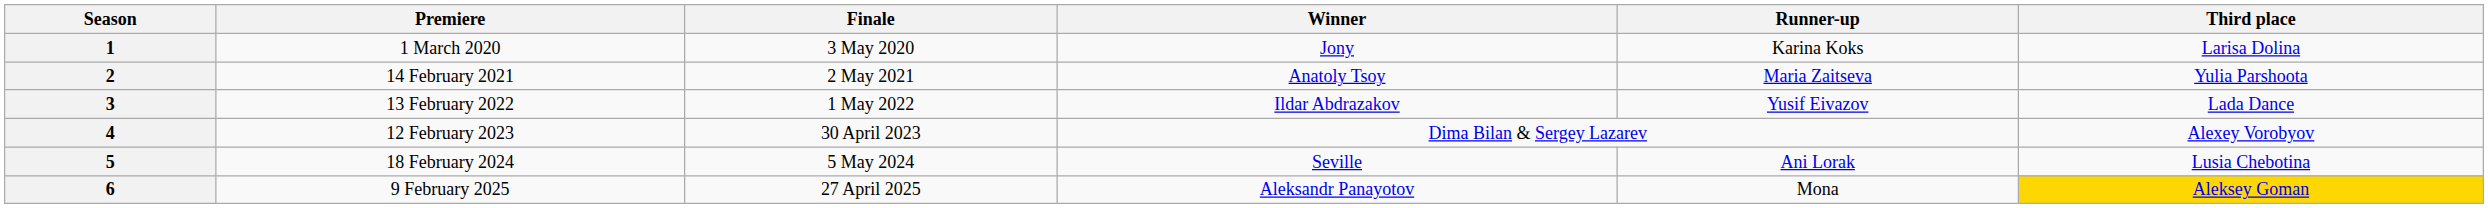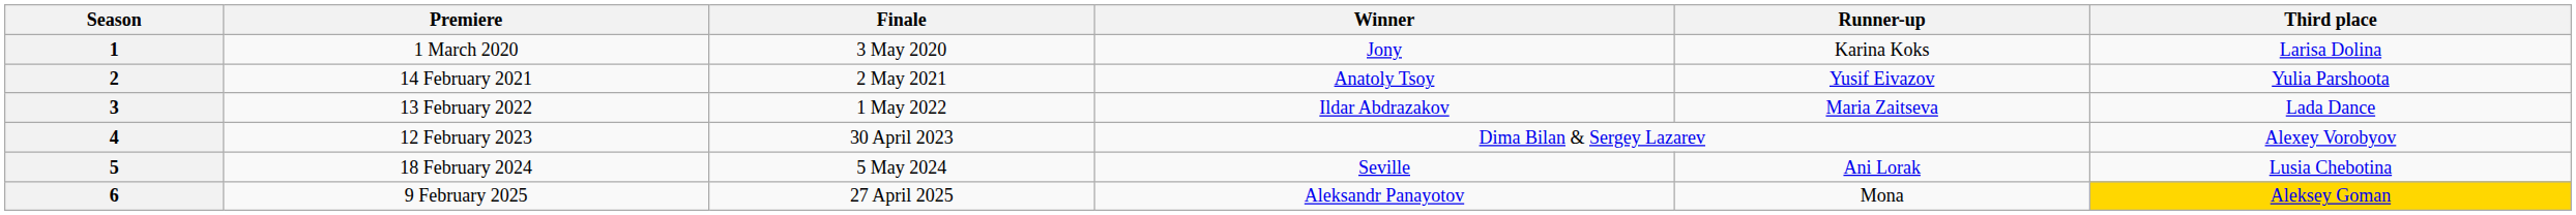 <table class="wikitable" style="text-align:center; font-size:90%; line-height:16px;" width="100%">
 <tr>
 <th scope="col">Season</th>
 <th scope="col">Premiere</th>
 <th scope="col">Finale</th>
 <th scope="col">Winner</th>
 <th scope="col">Runner-up</th>
 <th scope="col">Third place</th>
 </tr>
 <tr>
 <th>1</th>
 <td>1 March 2020</td>
 <td>3 May 2020</td>
 <td><a href='#'>Jony</a> </td>
 <td>Karina Koks </td>
 <td><a href='#'>Larisa Dolina</a> </td>
 </tr>
 <tr>
 <th>2</th>
 <td>14 February 2021</td>
 <td>2 May 2021</td>
 <td><a href='#'>Anatoly Tsoy</a> </td>
-<td><a href='#'>Maria Zaitseva</a> </td>
+<td><a href='#'>Yusif Eivazov</a> </td>
 <td><a href='#'>Yulia Parshoota</a> </td>
 </tr>
 <tr>
 <th>3</th>
 <td>13 February 2022</td>
 <td>1 May 2022</td>
 <td><a href='#'>Ildar Abdrazakov</a> </td>
-<td><a href='#'>Yusif Eivazov</a> </td>
+<td><a href='#'>Maria Zaitseva</a> </td>
 <td><a href='#'>Lada Dance</a> </td>
 </tr>
 <tr>
 <th>4</th>
 <td>12 February 2023</td>
 <td>30 April 2023</td>
 <td colspan=2><a href='#'>Dima Bilan</a>  & <a href='#'>Sergey Lazarev</a> </td>
 <td><a href='#'>Alexey Vorobyov</a> </td>
 </tr>
 <tr>
 <th>5</th>
 <td>18 February 2024</td>
 <td>5 May 2024</td>
 <td><a href='#'>Seville</a> </td>
 <td><a href='#'>Ani Lorak</a> </td>
 <td><a href='#'>Lusia Chebotina</a> </td>
 </tr>
 <tr>
 <th>6</th>
 <td>9 February 2025</td>
 <td>27 April 2025</td>
 <td><a href='#'>Aleksandr Panayotov</a> </td>
 <td>Mona </td>
 <td style="background: gold;"><a href='#'>Aleksey Goman</a> </td>
 </tr>
 </table>
